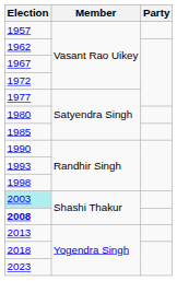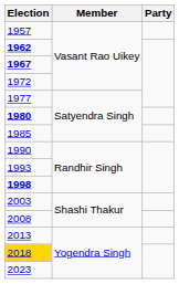 <table class="wikitable sortable">
 <tr>
 <th>Election</th>
 <th>Member </th>
 <th colspan="2">Party</th>
 </tr>
 <tr>
 <td><a href='#'>1957</a></td>
 <td rowspan=4>Vasant Rao Uikey</td>
 <td></td>
 </tr>
 <tr>
-<td><a href='#'>1962</a></td>
+<td><strong><a href='#'>1962</a></strong></td>
 </tr>
 <tr>
-<td><a href='#'>1967</a></td>
+<td><strong><a href='#'>1967</a></strong></td>
 </tr>
 <tr>
 <td><a href='#'>1972</a></td>
 </tr>
 <tr>
 <td><a href='#'>1977</a></td>
 <td rowspan=3>Satyendra Singh</td>
 </tr>
 <tr>
-<td><a href='#'>1980</a></td>
+<td><strong><a href='#'>1980</a></strong></td>
 <td></td>
 </tr>
 <tr>
 <td><a href='#'>1985</a></td>
 <td></td>
 </tr>
 <tr>
 <td><a href='#'>1990</a></td>
 <td rowspan=3>Randhir Singh</td>
 </tr>
 <tr>
 <td><a href='#'>1993</a></td>
 </tr>
 <tr>
-<td><a href='#'>1998</a></td>
+<td><strong><a href='#'>1998</a></strong></td>
 </tr>
 <tr>
-<td style="background: paleturquoise;"><a href='#'>2003</a></td>
+<td><a href='#'>2003</a></td>
 <td rowspan=2>Shashi Thakur</td>
 <td></td>
 </tr>
 <tr>
-<td><strong><a href='#'>2008</a></strong></td>
+<td><a href='#'>2008</a></td>
 </tr>
 <tr>
 <td><a href='#'>2013</a></td>
 <td rowspan=3><a href='#'>Yogendra Singh</a></td>
 <td></td>
 </tr>
 <tr>
-<td><a href='#'>2018</a></td>
+<td style="background: gold;"><a href='#'>2018</a></td>
 </tr>
 <tr>
 <td><a href='#'>2023</a></td>
 </tr>
 </table>
